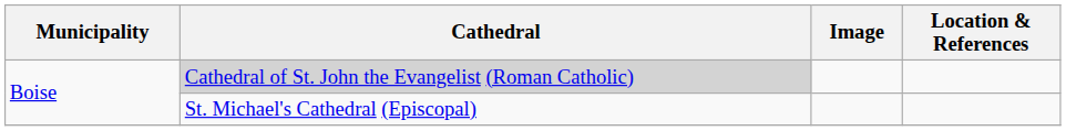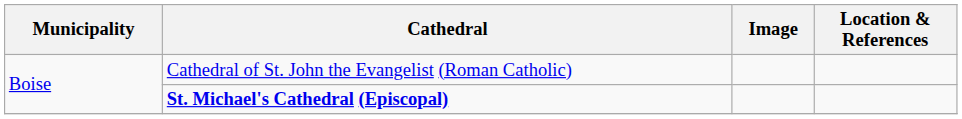 <table width=65% class="wikitable">
 <tr>
 <th width = 10%>Municipality</th>
 <th width = 40%>Cathedral</th>
 <th width = 5%>Image</th>
 <th width = 10%>Location & References</th>
 </tr>
 <tr>
 <td rowspan=2><a href='#'>Boise</a></td>
-<td style="background: lightgrey;"><a href='#'>Cathedral of St. John the Evangelist</a> <a href='#'>(Roman Catholic)</a></td>
+<td><a href='#'>Cathedral of St. John the Evangelist</a> <a href='#'>(Roman Catholic)</a></td>
 <td></td>
 <td><small></small><br></td>
 </tr>
 <tr>
-<td><a href='#'>St. Michael's Cathedral</a> <a href='#'>(Episcopal)</a></td>
+<td><strong><a href='#'>St. Michael's Cathedral</a> <a href='#'>(Episcopal)</a></strong></td>
 <td></td>
 <td><small></small><br></td>
 </tr>
 <tr>
 </tr>
 </table>
